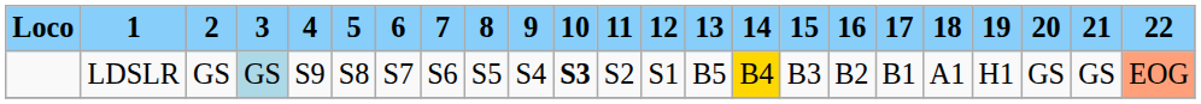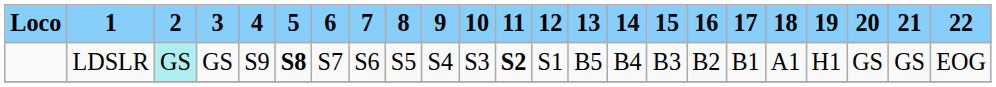 <table class="wikitable plainrowheaders unsortable" style="text-align:center">
 <tr>
 <th scope="col" rowspan="1" style="background:lightskyblue;">Loco</th>
 <th scope="col" rowspan="1" style="background:lightskyblue;">1</th>
 <th scope="col" rowspan="1" style="background:lightskyblue;">2</th>
 <th rowspan="1" scope="col" style="background:lightskyblue;">3</th>
 <th rowspan="1" scope="col" style="background:lightskyblue;">4</th>
 <th rowspan="1" scope="col" style="background:lightskyblue;">5</th>
 <th rowspan="1" scope="col" style="background:lightskyblue;">6</th>
 <th rowspan="1" scope="col" style="background:lightskyblue;">7</th>
 <th rowspan="1" scope="col" style="background:lightskyblue;">8</th>
 <th rowspan="1" scope="col" style="background:lightskyblue;">9</th>
 <th rowspan="1" scope="col" style="background:lightskyblue;">10</th>
 <th rowspan="1" scope="col" style="background:lightskyblue;">11</th>
 <th rowspan="1" scope="col" style="background:lightskyblue;">12</th>
 <th rowspan="1" scope="col" style="background:lightskyblue;">13</th>
 <th rowspan="1" scope="col" style="background:lightskyblue;">14</th>
 <th rowspan="1" scope="col" style="background:lightskyblue;">15</th>
 <th rowspan="1" scope="col" style="background:lightskyblue;">16</th>
 <th rowspan="1" scope="col" style="background:lightskyblue;">17</th>
 <th rowspan="1" scope="col" style="background:lightskyblue;">18</th>
 <th rowspan="1" scope="col" style="background:lightskyblue;">19</th>
 <th rowspan="1" scope="col" style="background:lightskyblue;">20</th>
 <th rowspan="1" scope="col" style="background:lightskyblue;">21</th>
 <th rowspan="1" scope="col" style="background:lightskyblue;">22</th>
 </tr>
 <tr>
 <td></td>
 <td>LDSLR</td>
+<td style="background: paleturquoise;">GS</td>
 <td>GS</td>
-<td style="background: lightblue;">GS</td>
 <td>S9</td>
-<td>S8</td>
+<td><strong>S8</strong></td>
 <td>S7</td>
 <td>S6</td>
 <td>S5</td>
 <td>S4</td>
-<td><strong>S3</strong></td>
-<td>S2</td>
+<td>S3</td>
+<td><strong>S2</strong></td>
 <td>S1</td>
 <td>B5</td>
-<td style="background: gold;">B4</td>
+<td>B4</td>
 <td>B3</td>
 <td>B2</td>
 <td>B1</td>
 <td>A1</td>
 <td>H1</td>
 <td>GS</td>
 <td>GS</td>
-<td style="background: lightsalmon;">EOG</td>
+<td>EOG</td>
 </tr>
 <tr>
 </tr>
 </table>
